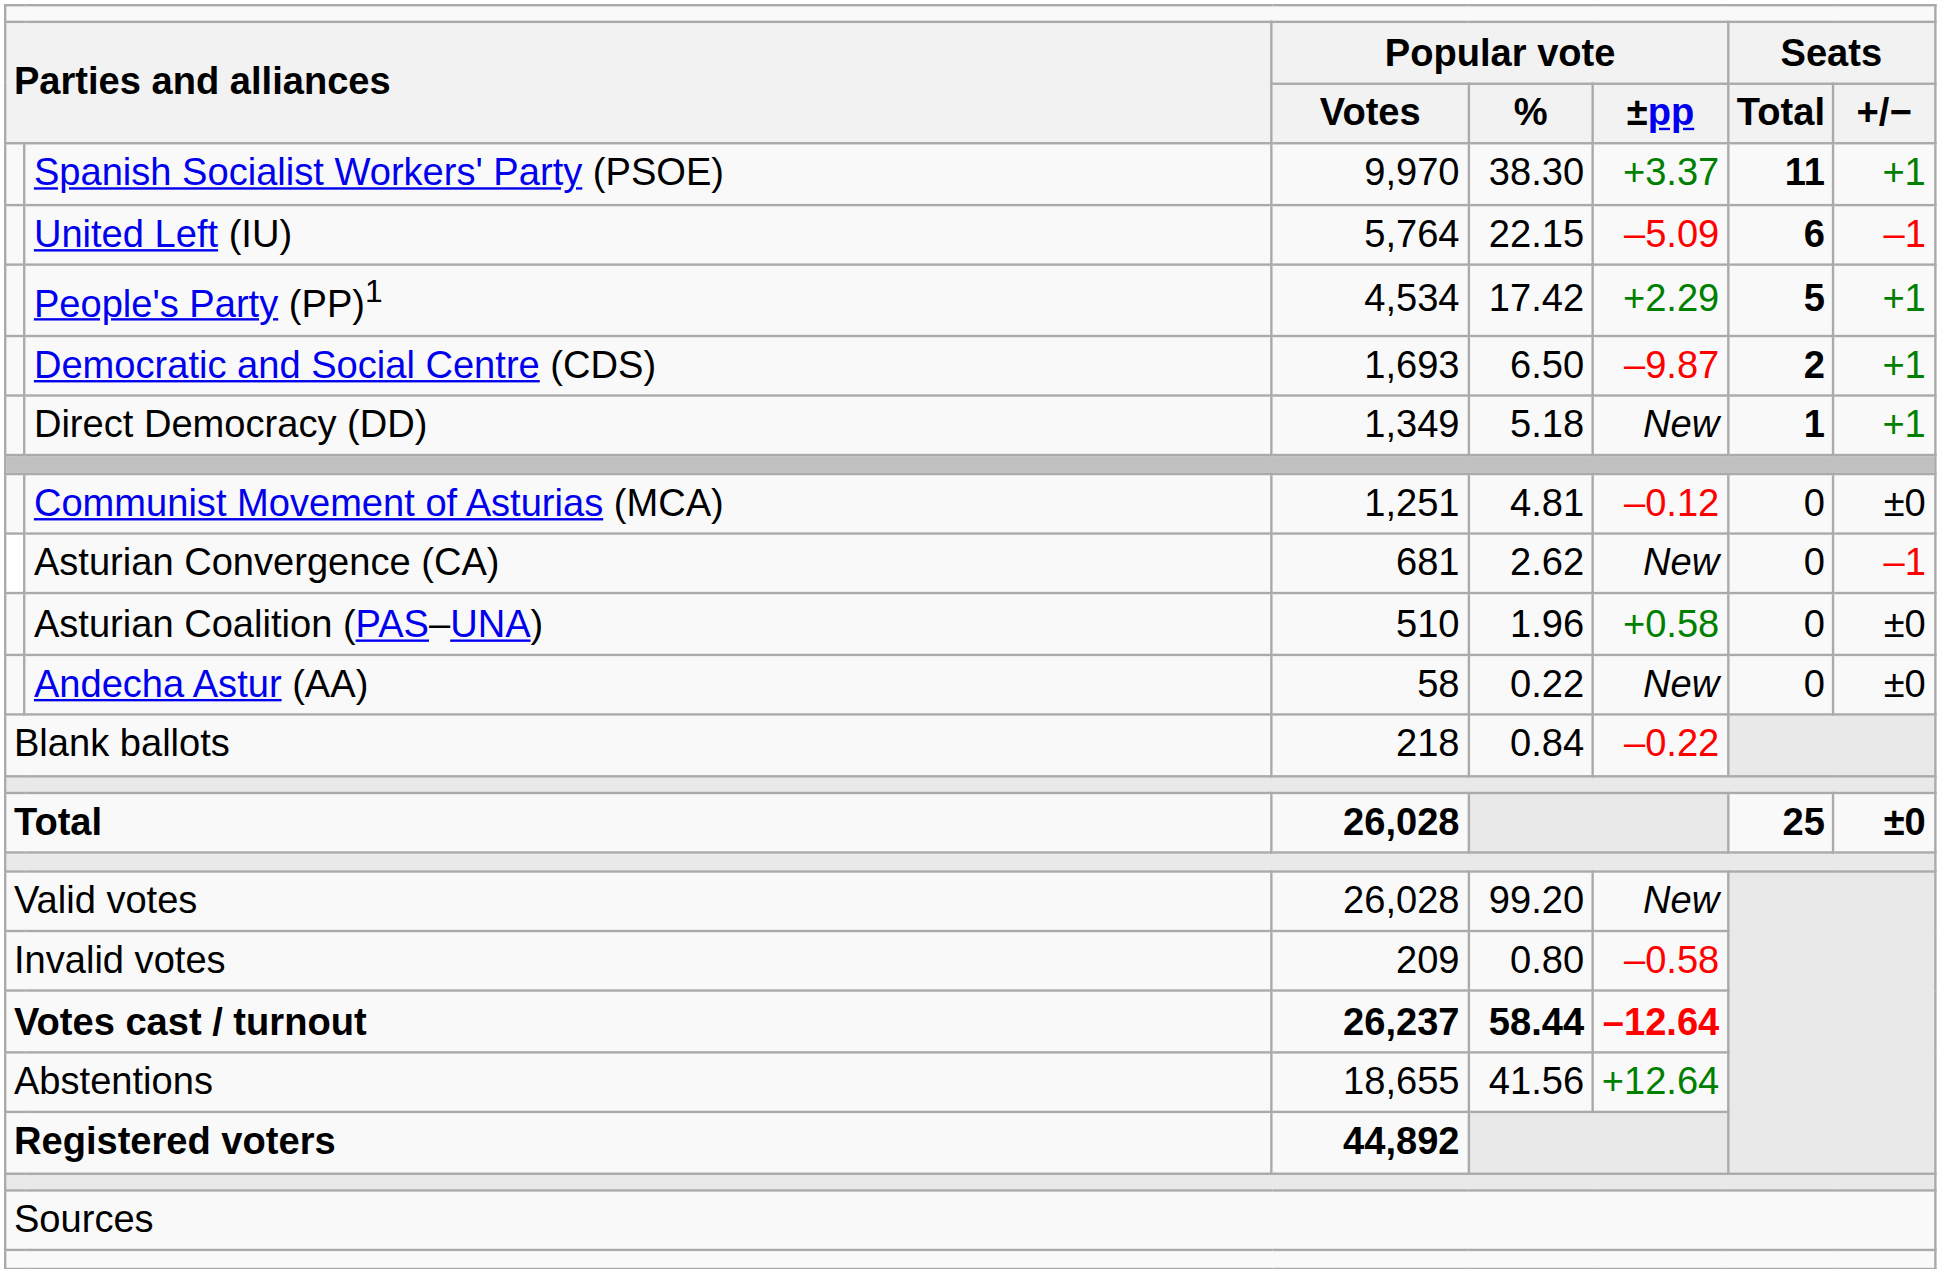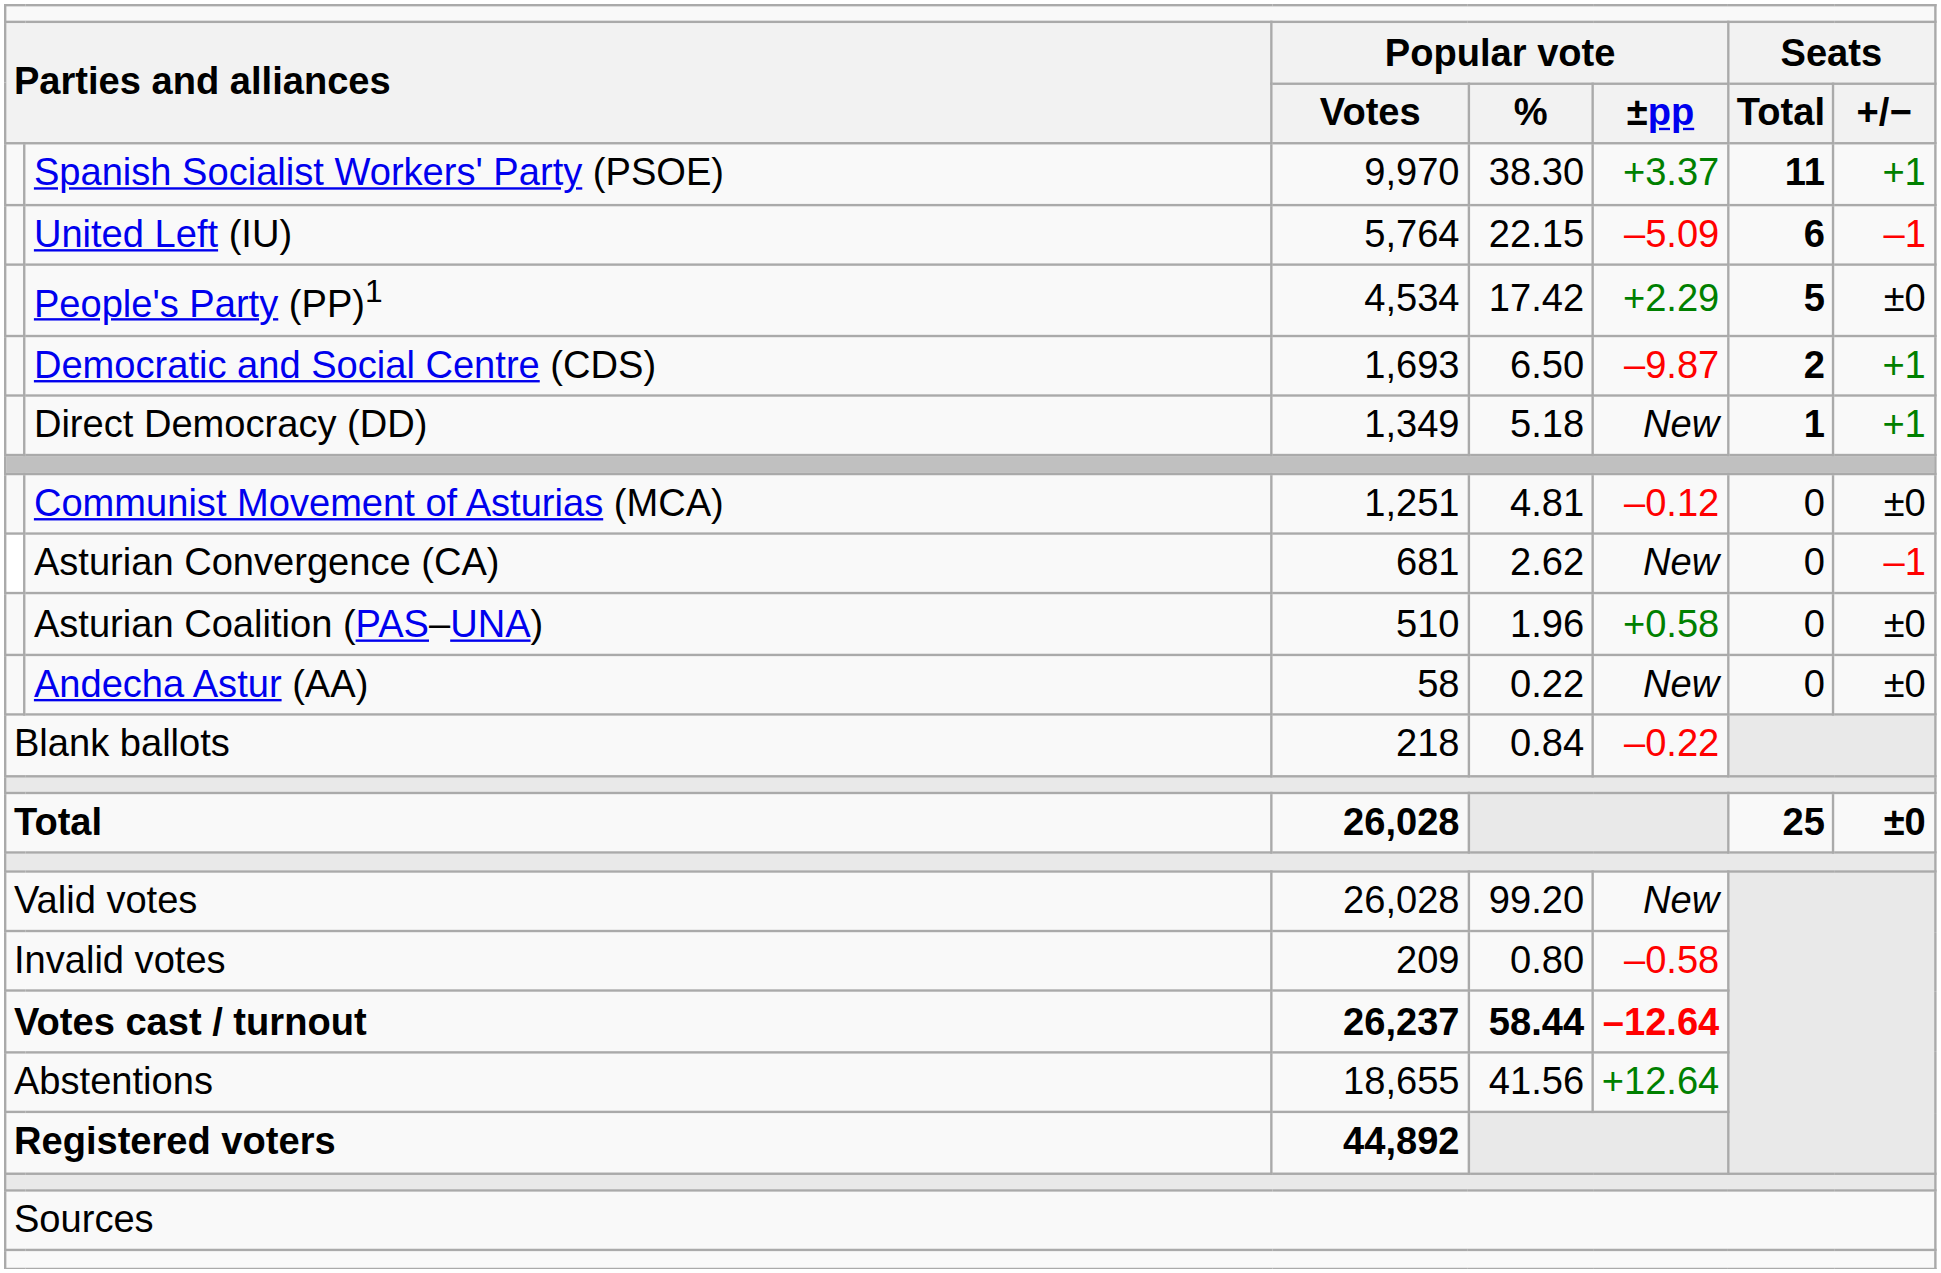 <table class="wikitable" style="text-align:right;">
 <tr>
 <td colspan="7"></td>
 </tr>
 <tr>
 <th style="text-align:left;" rowspan="2" colspan="2" width="525">Parties and alliances</th>
 <th colspan="3">Popular vote</th>
 <th colspan="2">Seats</th>
 </tr>
 <tr>
 <th width="75">Votes</th>
 <th width="45">%</th>
 <th width="45">±<a href='#'>pp</a></th>
 <th width="35">Total</th>
 <th width="35">+/−</th>
 </tr>
 <tr>
 <td width="1" style="color:inherit;background:"></td>
 <td align="left"><a href='#'>Spanish Socialist Workers' Party</a> (PSOE)</td>
 <td>9,970</td>
 <td>38.30</td>
 <td style="color:green;">+3.37</td>
 <td><strong>11</strong></td>
 <td style="color:green;">+1</td>
 </tr>
 <tr>
 <td style="color:inherit;background:"></td>
 <td align="left"><a href='#'>United Left</a> (IU)</td>
 <td>5,764</td>
 <td>22.15</td>
 <td style="color:red;">–5.09</td>
 <td><strong>6</strong></td>
 <td style="color:red;">–1</td>
 </tr>
 <tr>
 <td style="color:inherit;background:"></td>
 <td align="left"><a href='#'>People's Party</a> (PP)<sup>1</sup></td>
 <td>4,534</td>
 <td>17.42</td>
 <td style="color:green;">+2.29</td>
 <td><strong>5</strong></td>
-<td style="color:green;">+1</td>
+<td>±0</td>
 </tr>
 <tr>
 <td style="color:inherit;background:"></td>
 <td align="left"><a href='#'>Democratic and Social Centre</a> (CDS)</td>
 <td>1,693</td>
 <td>6.50</td>
 <td style="color:red;">–9.87</td>
 <td><strong>2</strong></td>
 <td style="color:green;">+1</td>
 </tr>
 <tr>
 <td style="color:inherit;background:"></td>
 <td align="left">Direct Democracy (DD)</td>
 <td>1,349</td>
 <td>5.18</td>
 <td><em>New</em></td>
 <td><strong>1</strong></td>
 <td style="color:green;">+1</td>
 </tr>
 <tr>
 <td colspan="7" bgcolor="#C0C0C0"></td>
 </tr>
 <tr>
 <td style="color:inherit;background:"></td>
 <td align="left"><a href='#'>Communist Movement of Asturias</a> (MCA)</td>
 <td>1,251</td>
 <td>4.81</td>
 <td style="color:red;">–0.12</td>
 <td>0</td>
 <td>±0</td>
 </tr>
 <tr>
 <td bgcolor="white"></td>
 <td align="left">Asturian Convergence (CA)</td>
 <td>681</td>
 <td>2.62</td>
 <td><em>New</em></td>
 <td>0</td>
 <td style="color:red;">–1</td>
 </tr>
 <tr>
 <td style="color:inherit;background:"></td>
 <td align="left">Asturian Coalition (<a href='#'>PAS</a>–<a href='#'>UNA</a>)</td>
 <td>510</td>
 <td>1.96</td>
 <td style="color:green;">+0.58</td>
 <td>0</td>
 <td>±0</td>
 </tr>
 <tr>
 <td style="color:inherit;background:"></td>
 <td align="left"><a href='#'>Andecha Astur</a> (AA)</td>
 <td>58</td>
 <td>0.22</td>
 <td><em>New</em></td>
 <td>0</td>
 <td>±0</td>
 </tr>
 <tr>
 <td align="left" colspan="2">Blank ballots</td>
 <td>218</td>
 <td>0.84</td>
 <td style="color:red;">–0.22</td>
 <td bgcolor="#E9E9E9" colspan="2"></td>
 </tr>
 <tr>
 <td colspan="7" bgcolor="#E9E9E9"></td>
 </tr>
 <tr style="font-weight:bold;">
 <td align="left" colspan="2">Total</td>
 <td>26,028</td>
 <td bgcolor="#E9E9E9" colspan="2"></td>
 <td>25</td>
 <td>±0</td>
 </tr>
 <tr>
 <td colspan="7" bgcolor="#E9E9E9"></td>
 </tr>
 <tr>
 <td align="left" colspan="2">Valid votes</td>
 <td>26,028</td>
 <td>99.20</td>
 <td><em>New</em></td>
 <td bgcolor="#E9E9E9" colspan="2" rowspan="5"></td>
 </tr>
 <tr>
 <td align="left" colspan="2">Invalid votes</td>
 <td>209</td>
 <td>0.80</td>
 <td style="color:red;">–0.58</td>
 </tr>
 <tr style="font-weight:bold;">
 <td align="left" colspan="2">Votes cast / turnout</td>
 <td>26,237</td>
 <td>58.44</td>
 <td style="color:red;">–12.64</td>
 </tr>
 <tr>
 <td align="left" colspan="2">Abstentions</td>
 <td>18,655</td>
 <td>41.56</td>
 <td style="color:green;">+12.64</td>
 </tr>
 <tr style="font-weight:bold;">
 <td align="left" colspan="2">Registered voters</td>
 <td>44,892</td>
 <td bgcolor="#E9E9E9" colspan="2"></td>
 </tr>
 <tr>
 <td colspan="7" bgcolor="#E9E9E9"></td>
 </tr>
 <tr>
 <td align="left" colspan="7">Sources</td>
 </tr>
 <tr>
 <td colspan="7" style="text-align:left; max-width:790px;"></td>
 </tr>
 </table>
